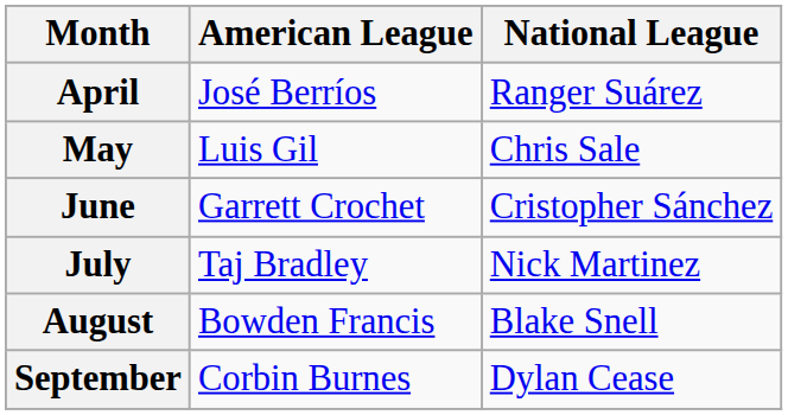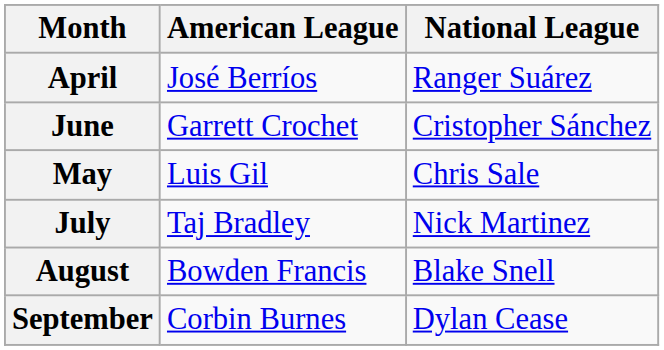 <table class="wikitable">
 <tr>
 <th>Month</th>
 <th>American League</th>
 <th>National League</th>
 </tr>
 <tr>
 <th>April</th>
 <td><a href='#'>José Berríos</a></td>
 <td><a href='#'>Ranger Suárez</a></td>
 </tr>
 <tr>
+<th>June</th>
+<td><a href='#'>Garrett Crochet</a></td>
+<td><a href='#'>Cristopher Sánchez</a></td>
+</tr>
+<tr>
 <th>May</th>
 <td><a href='#'>Luis Gil</a></td>
 <td><a href='#'>Chris Sale</a></td>
-</tr>
-<tr>
-<th>June</th>
-<td><a href='#'>Garrett Crochet</a></td>
-<td><a href='#'>Cristopher Sánchez</a></td>
 </tr>
 <tr>
 <th>July</th>
 <td><a href='#'>Taj Bradley</a></td>
 <td><a href='#'>Nick Martinez</a></td>
 </tr>
 <tr>
 <th>August</th>
 <td><a href='#'>Bowden Francis</a></td>
 <td><a href='#'>Blake Snell</a></td>
 </tr>
 <tr>
 <th>September</th>
 <td><a href='#'>Corbin Burnes</a></td>
 <td><a href='#'>Dylan Cease</a></td>
 </tr>
 </table>
